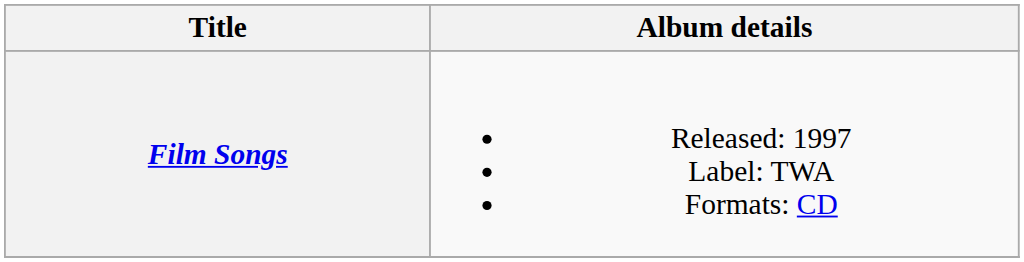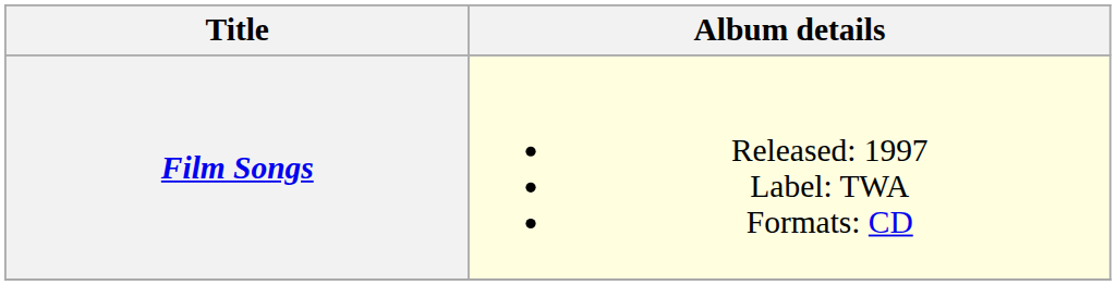 <table class="wikitable plainrowheaders" style="text-align:center;">
 <tr>
 <th scope="col" rowspan="1" style="width:14em;">Title</th>
 <th scope="col" rowspan="1" style="width:19.5em;">Album details</th>
 </tr>
 <tr>
 <th scope="row"><em><a href='#'>Film Songs</a></em></th>
-<td><br><ul><li>Released: 1997</li><li>Label: TWA</li><li>Formats: <a href='#'>CD</a></li></ul></td>
+<td style="background: lightyellow;"><br><ul><li>Released: 1997</li><li>Label: TWA</li><li>Formats: <a href='#'>CD</a></li></ul></td>
 </tr>
 <tr>
 </tr>
 </table>
